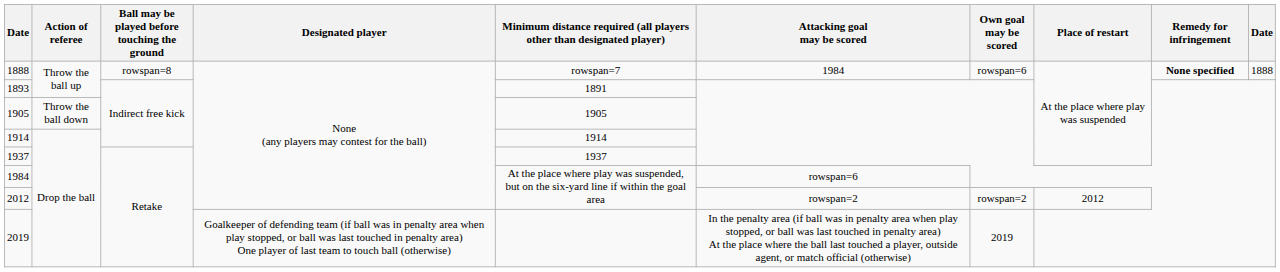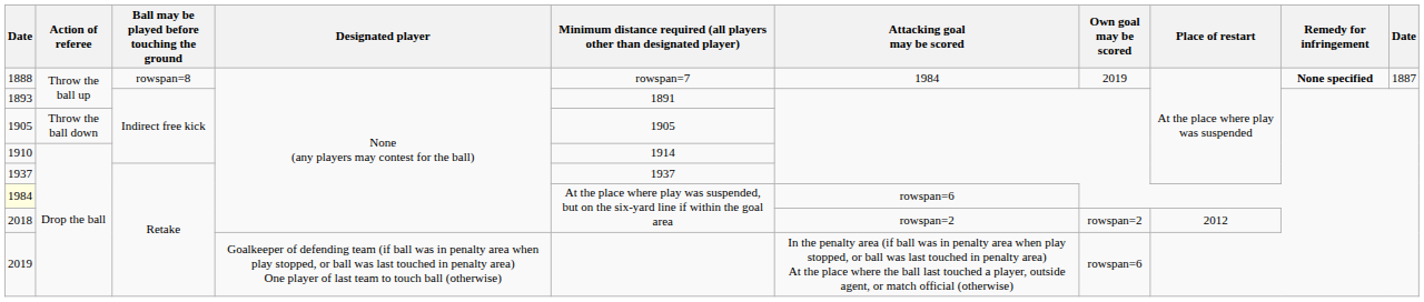 <table class="wikitable sortable" style="text-align: center; font-size: 85%; width: auto; table-layout: fixed;">
 <tr>
 <th>Date</th>
 <th>Action of referee</th>
 <th>Ball may be played before <br>touching the ground</th>
 <th>Designated player</th>
 <th>Minimum distance required (all players other than designated player)</th>
 <th>Attacking goal<br> may be scored</th>
 <th>Own goal<br> may be scored</th>
 <th>Place of restart</th>
 <th>Remedy for infringement</th>
 <th>Date</th>
 </tr>
 <tr>
 <td>1888</td>
 <td rowspan=2>Throw the ball up</td>
 <td>rowspan=8 </td>
 <td rowspan=7>None<br>(any players may contest for the ball)</td>
 <td>rowspan=7 </td>
 <td>1984</td>
-<td>rowspan=6 </td>
+<td>2019</td>
 <td rowspan=5>At the place where play was suspended</td>
 <td rowspan=1><strong>None specified </strong></td>
-<td>1888</td>
+<td>1887</td>
 </tr>
 <tr>
 <td>1893</td>
 <td rowspan=3>Indirect free kick </td>
 <td>1891</td>
 </tr>
 <tr>
 <td>1905</td>
 <td rowspan=1>Throw the ball down</td>
 <td>1905</td>
 </tr>
 <tr>
-<td>1914</td>
+<td>1910</td>
 <td rowspan=5>Drop the ball</td>
 <td>1914</td>
 </tr>
 <tr>
 <td>1937</td>
 <td rowspan=4>Retake </td>
 <td>1937</td>
 </tr>
 <tr>
-<td>1984</td>
+<td style="background: lightyellow;">1984</td>
 <td rowspan=2>At the place where play was suspended, <br>but on the six-yard line if within the goal area</td>
 <td>rowspan=6 </td>
 </tr>
 <tr>
-<td>2012</td>
+<td>2018</td>
 <td>rowspan=2 </td>
 <td>rowspan=2 </td>
 <td>2012</td>
 </tr>
 <tr>
 <td>2019</td>
 <td>Goalkeeper of defending team (if ball was in penalty area when play stopped, or ball was last touched in penalty area)<br>One player of last team to touch ball (otherwise)</td>
 <td></td>
 <td>In the penalty area (if ball was in penalty area when play stopped, or ball was last touched in penalty area)<br>At the place where the ball last touched a player, outside agent, or match official (otherwise)</td>
-<td>2019</td>
+<td>rowspan=6 </td>
 </tr>
 </table>
